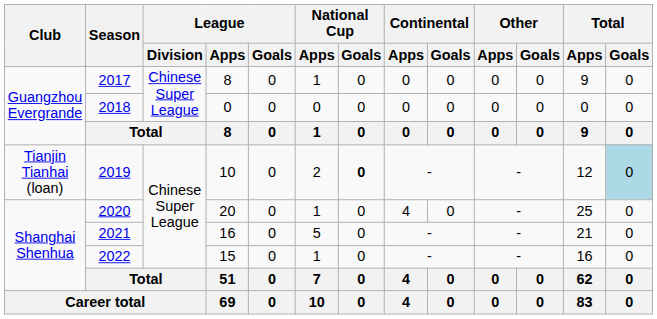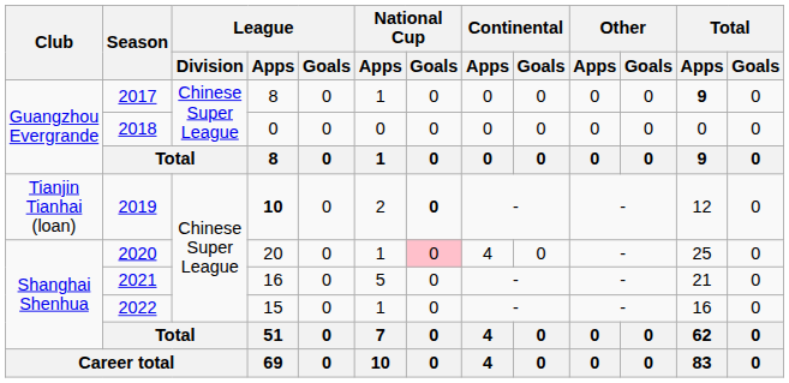 <table class="wikitable" style="text-align: center">
 <tr>
 <th rowspan="2">Club</th>
 <th rowspan="2">Season</th>
 <th colspan="3">League</th>
 <th colspan="2">National Cup</th>
 <th colspan="2">Continental</th>
 <th colspan="2">Other</th>
 <th colspan="2">Total</th>
 </tr>
 <tr>
 <th>Division</th>
 <th>Apps</th>
 <th>Goals</th>
 <th>Apps</th>
 <th>Goals</th>
 <th>Apps</th>
 <th>Goals</th>
 <th>Apps</th>
 <th>Goals</th>
 <th>Apps</th>
 <th>Goals</th>
 </tr>
 <tr>
 <td rowspan="3"><a href='#'>Guangzhou Evergrande</a></td>
 <td><a href='#'>2017</a></td>
 <td rowspan="2"><a href='#'>Chinese Super League</a></td>
 <td>8</td>
 <td>0</td>
 <td>1</td>
 <td>0</td>
 <td>0</td>
 <td>0</td>
 <td>0</td>
 <td>0</td>
-<td>9</td>
+<td><strong>9</strong></td>
 <td>0</td>
 </tr>
 <tr>
 <td><a href='#'>2018</a></td>
 <td>0</td>
 <td>0</td>
 <td>0</td>
 <td>0</td>
 <td>0</td>
 <td>0</td>
 <td>0</td>
 <td>0</td>
 <td>0</td>
 <td>0</td>
 </tr>
 <tr>
 <th colspan="2"><strong>Total</strong></th>
 <th>8</th>
 <th>0</th>
 <th>1</th>
 <th>0</th>
 <th>0</th>
 <th>0</th>
 <th>0</th>
 <th>0</th>
 <th>9</th>
 <th>0</th>
 </tr>
 <tr>
 <td><a href='#'>Tianjin Tianhai</a> (loan)</td>
 <td><a href='#'>2019</a></td>
 <td rowspan=4>Chinese Super League</td>
-<td>10</td>
+<td><strong>10</strong></td>
 <td>0</td>
 <td>2</td>
 <td><strong>0</strong></td>
 <td colspan="2">-</td>
 <td colspan="2">-</td>
 <td>12</td>
-<td style="background: lightblue;">0</td>
+<td>0</td>
 </tr>
 <tr>
 <td rowspan=4><a href='#'>Shanghai Shenhua</a></td>
 <td><a href='#'>2020</a></td>
 <td>20</td>
 <td>0</td>
 <td>1</td>
-<td>0</td>
+<td style="background: pink;">0</td>
 <td>4</td>
 <td>0</td>
 <td colspan="2">-</td>
 <td>25</td>
 <td>0</td>
 </tr>
 <tr>
 <td><a href='#'>2021</a></td>
 <td>16</td>
 <td>0</td>
 <td>5</td>
 <td>0</td>
 <td colspan="2">-</td>
 <td colspan="2">-</td>
 <td>21</td>
 <td>0</td>
 </tr>
 <tr>
 <td><a href='#'>2022</a></td>
 <td>15</td>
 <td>0</td>
 <td>1</td>
 <td>0</td>
 <td colspan="2">-</td>
 <td colspan="2">-</td>
 <td>16</td>
 <td>0</td>
 </tr>
 <tr>
 <th colspan=2>Total</th>
 <th>51</th>
 <th>0</th>
 <th>7</th>
 <th>0</th>
 <th>4</th>
 <th>0</th>
 <th>0</th>
 <th>0</th>
 <th>62</th>
 <th>0</th>
 </tr>
 <tr>
 <th colspan=3>Career total</th>
 <th>69</th>
 <th>0</th>
 <th>10</th>
 <th>0</th>
 <th>4</th>
 <th>0</th>
 <th>0</th>
 <th>0</th>
 <th>83</th>
 <th>0</th>
 </tr>
 </table>
